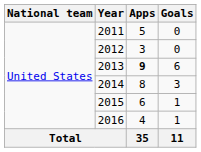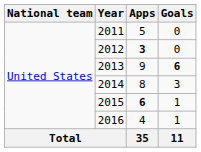 <table class=wikitable style=text-align:center>
 <tr>
 <th>National team</th>
 <th>Year</th>
 <th>Apps</th>
 <th>Goals</th>
 </tr>
 <tr>
 <td rowspan=6><a href='#'>United States</a></td>
 <td>2011</td>
 <td>5</td>
 <td>0</td>
 </tr>
 <tr>
 <td>2012</td>
-<td>3</td>
+<td><strong>3</strong></td>
 <td>0</td>
 </tr>
 <tr>
 <td>2013</td>
-<td><strong>9</strong></td>
-<td>6</td>
+<td>9</td>
+<td><strong>6</strong></td>
 </tr>
 <tr>
 <td>2014</td>
 <td>8</td>
 <td>3</td>
 </tr>
 <tr>
 <td>2015</td>
-<td>6</td>
+<td><strong>6</strong></td>
 <td>1</td>
 </tr>
 <tr>
 <td>2016</td>
 <td>4</td>
 <td>1</td>
 </tr>
 <tr>
 <th colspan=2>Total</th>
 <th>35</th>
 <th>11</th>
 </tr>
 </table>
